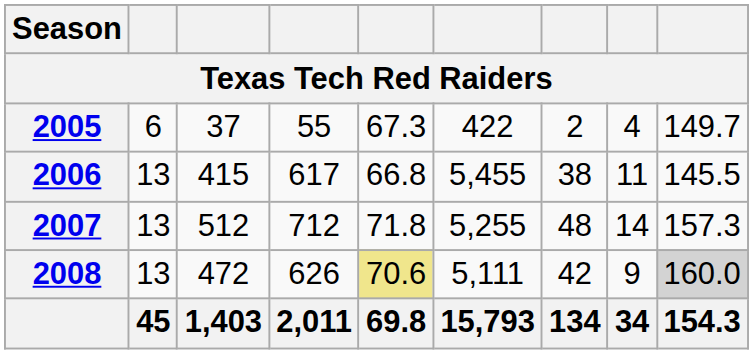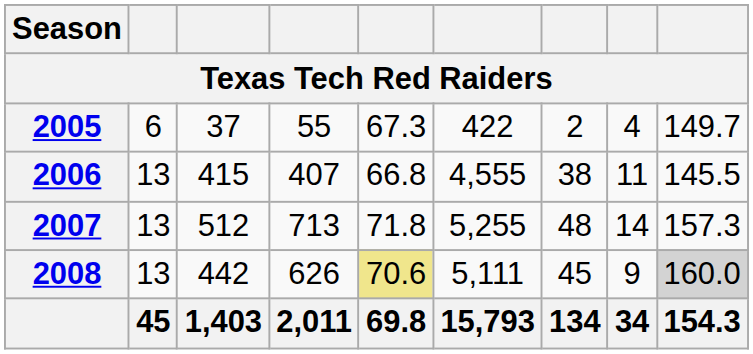 <table class="wikitable" style="text-align:center;">
 <tr>
 <th>Season</th>
 <th></th>
 <th></th>
 <th></th>
 <th></th>
 <th></th>
 <th></th>
 <th></th>
 <th></th>
 </tr>
 <tr>
 <th colspan="9">Texas Tech Red Raiders</th>
 </tr>
 <tr>
 <th><a href='#'>2005</a></th>
 <td>6</td>
 <td>37</td>
 <td>55</td>
 <td>67.3</td>
 <td>422</td>
 <td>2</td>
 <td>4</td>
 <td>149.7</td>
 </tr>
 <tr>
 <th><a href='#'>2006</a></th>
 <td>13</td>
 <td>415</td>
-<td>617</td>
+<td>407</td>
 <td>66.8</td>
-<td>5,455</td>
+<td>4,555</td>
 <td>38</td>
 <td>11</td>
 <td>145.5</td>
 </tr>
 <tr>
 <th><a href='#'>2007</a></th>
 <td>13</td>
 <td>512</td>
-<td>712</td>
+<td>713</td>
 <td>71.8</td>
 <td>5,255</td>
 <td>48</td>
 <td>14</td>
 <td>157.3</td>
 </tr>
 <tr>
 <th><a href='#'>2008</a></th>
 <td>13</td>
-<td>472</td>
+<td>442</td>
 <td>626</td>
 <td style="background: khaki;">70.6</td>
 <td>5,111</td>
-<td>42</td>
+<td>45</td>
 <td>9</td>
 <td style="background: lightgrey;">160.0</td>
 </tr>
 <tr>
 <th></th>
 <th>45</th>
 <th>1,403</th>
 <th>2,011</th>
 <th>69.8</th>
 <th>15,793</th>
 <th>134</th>
 <th>34</th>
 <th>154.3</th>
 </tr>
 </table>
